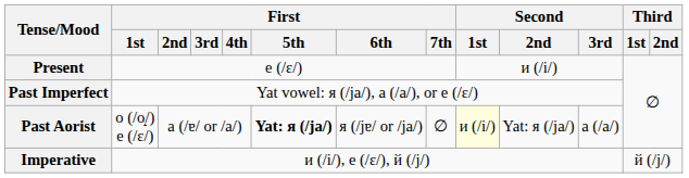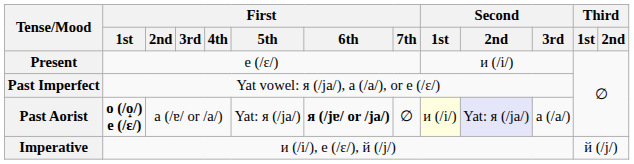 <table class="wikitable" style="text-align: center;">
 <tr>
 <th rowspan="2">Tense/Mood</th>
 <th colspan="7">First</th>
 <th colspan="3">Second</th>
 <th colspan="2">Third</th>
 </tr>
 <tr>
 <th>1st</th>
 <th>2nd</th>
 <th>3rd</th>
 <th>4th</th>
 <th>5th</th>
 <th>6th</th>
 <th>7th</th>
 <th>1st</th>
 <th>2nd</th>
 <th>3rd</th>
 <th>1st</th>
 <th>2nd</th>
 </tr>
 <tr>
 <th>Present</th>
 <td colspan="7">е (/ɛ/)</td>
 <td colspan="3">и (/i/)</td>
 <td colspan="2" rowspan="3">∅</td>
 </tr>
 <tr>
 <th>Past Imperfect</th>
 <td colspan="10">Yat vowel: я (/ja/), а (/a/), or е (/ɛ/)</td>
 </tr>
 <tr>
 <th>Past Aorist</th>
-<td>о (/o̝/)<br>е (/ɛ/)</td>
+<td><strong>о (/o̝/)<br>е (/ɛ/)</strong></td>
 <td colspan="3">а (/ɐ/ or /a/)</td>
-<td><strong>Yat: я (/ja/)</strong></td>
-<td>я (/jɐ/ or /ja/)</td>
+<td>Yat: я (/ja/)</td>
+<td><strong>я (/jɐ/ or /ja/)</strong></td>
 <td>∅</td>
 <td style="background: lightyellow;">и (/i/)</td>
-<td>Yat: я (/ja/)</td>
+<td style="background: lavender;">Yat: я (/ja/)</td>
 <td>а (/a/)</td>
 </tr>
 <tr>
 <th>Imperative</th>
 <td colspan="10">и (/i/), е (/ɛ/), й (/j/)</td>
 <td colspan="2">й (/j/)</td>
 </tr>
 </table>
